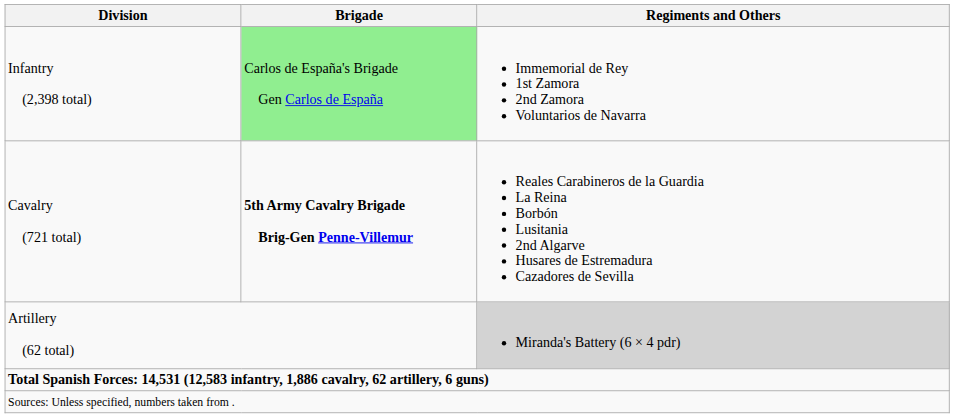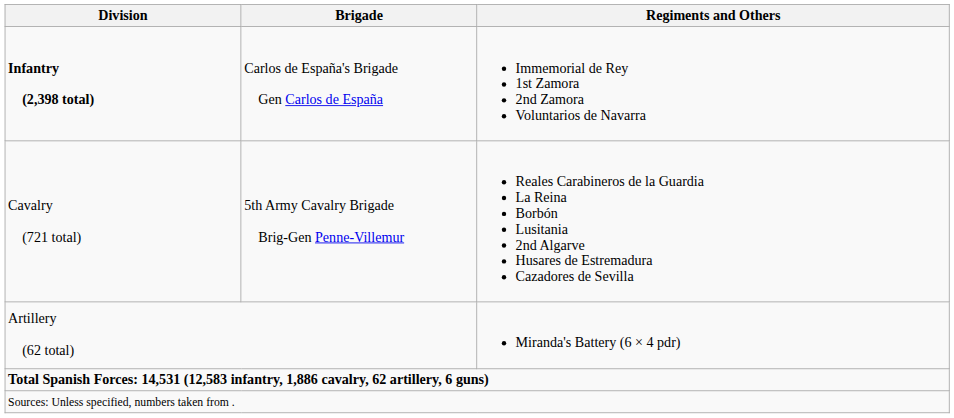 <table class="wikitable" width="85%" style="margin: 1em auto 1em auto">
 <tr>
 <th style="width:25%;">Division</th>
 <th style="width:25%;">Brigade</th>
 <th>Regiments and Others</th>
 </tr>
 <tr>
-<td>Infantry<br><br>    (2,398 total)</td>
-<td style="background: lightgreen;">Carlos de España's Brigade<br><br>    Gen <a href='#'>Carlos de España</a></td>
+<td><strong>Infantry<br><br>    (2,398 total)</strong></td>
+<td>Carlos de España's Brigade<br><br>    Gen <a href='#'>Carlos de España</a></td>
 <td><br><ul><li>Immemorial de Rey</li><li>1st Zamora</li><li>2nd Zamora</li><li>Voluntarios de Navarra</li></ul></td>
 </tr>
 <tr>
 <td>Cavalry<br><br>    (721 total)</td>
-<td><strong>5th Army Cavalry Brigade<br><br>    Brig-Gen <a href='#'>Penne-Villemur</a></strong></td>
+<td>5th Army Cavalry Brigade<br><br>    Brig-Gen <a href='#'>Penne-Villemur</a></td>
 <td><br><ul><li>Reales Carabineros de la Guardia</li><li>La Reina</li><li>Borbón</li><li>Lusitania</li><li>2nd Algarve</li><li>Husares de Estremadura</li><li>Cazadores de Sevilla</li></ul></td>
 </tr>
 <tr>
 <td colspan=2>Artillery<br><br>    (62 total)</td>
-<td style="background: lightgrey;"><br><ul><li>Miranda's Battery (6 × 4 pdr)</li></ul></td>
+<td><br><ul><li>Miranda's Battery (6 × 4 pdr)</li></ul></td>
 </tr>
 <tr>
 <td colspan=3><strong>Total Spanish Forces: 14,531 (12,583 infantry, 1,886 cavalry, 62 artillery, 6 guns)</strong></td>
 </tr>
 <tr>
 <td colspan=3><small>Sources: Unless specified, numbers taken from .</small></td>
 </tr>
 </table>
